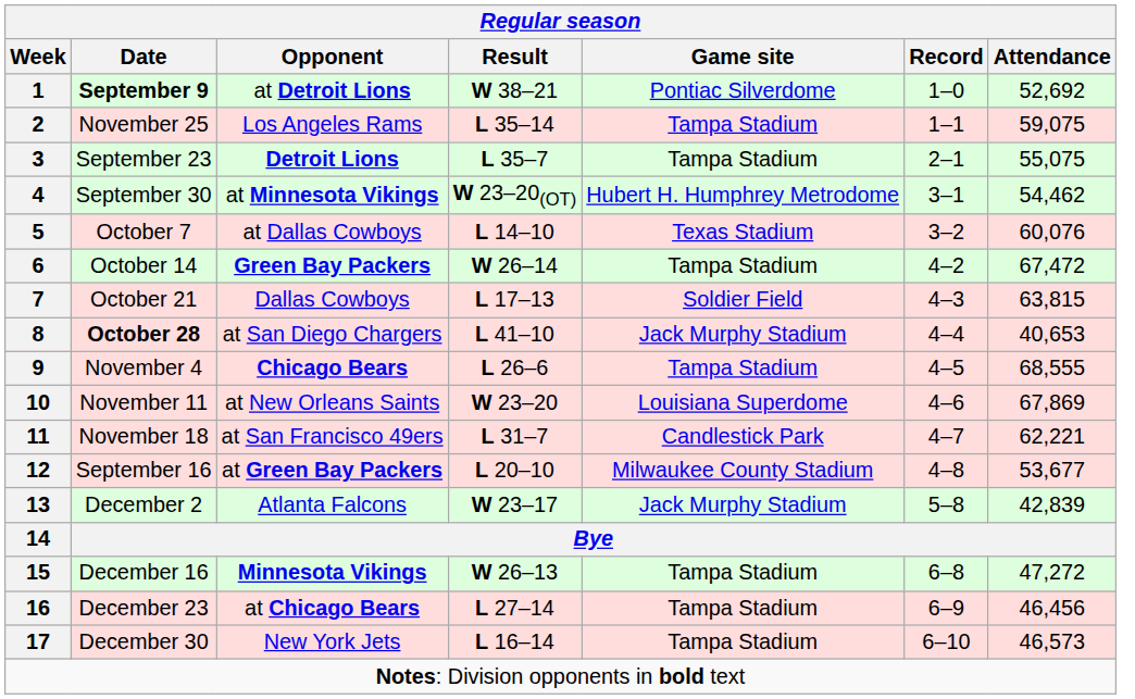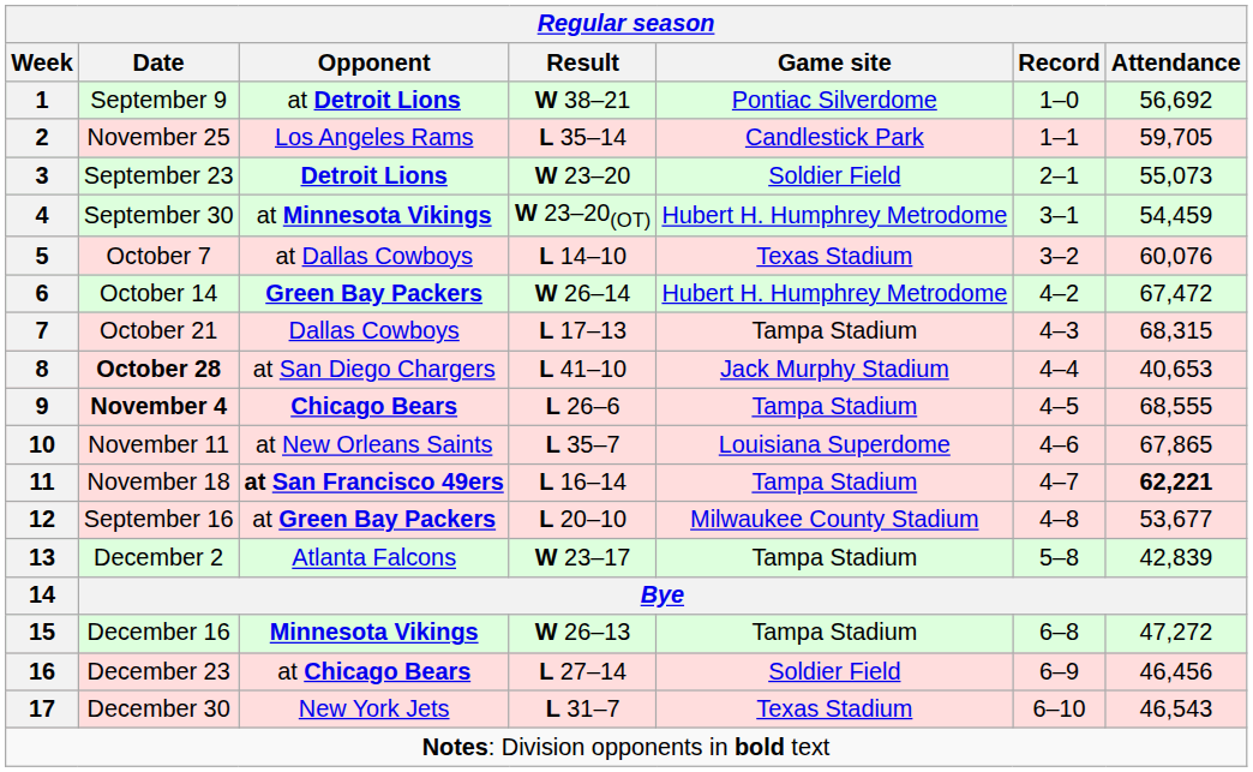 <table class="wikitable" style="text-align:center;">
 <tr>
 <th colspan="7"><em><a href='#'>Regular season</a></em></th>
 </tr>
 <tr>
 <th>Week</th>
 <th>Date</th>
 <th>Opponent</th>
 <th>Result</th>
 <th>Game site</th>
 <th>Record</th>
 <th>Attendance</th>
 </tr>
 <tr style="background: #ddffdd;">
 <th>1</th>
-<td><strong>September 9</strong></td>
+<td>September 9</td>
 <td>at <strong><a href='#'>Detroit Lions</a></strong></td>
 <td><strong>W</strong> 38–21</td>
 <td><a href='#'>Pontiac Silverdome</a></td>
 <td>1–0</td>
-<td>52,692</td>
+<td>56,692</td>
 </tr>
 <tr style="background: #ffdddd;">
 <th>2</th>
 <td>November 25</td>
 <td><a href='#'>Los Angeles Rams</a></td>
 <td><strong>L</strong> 35–14</td>
-<td><a href='#'>Tampa Stadium</a></td>
+<td><a href='#'>Candlestick Park</a></td>
 <td>1–1</td>
-<td>59,075</td>
+<td>59,705</td>
 </tr>
 <tr style="background: #ddffdd;">
 <th>3</th>
 <td>September 23</td>
 <td><strong><a href='#'>Detroit Lions</a></strong></td>
-<td><strong>L</strong> 35–7</td>
-<td>Tampa Stadium</td>
+<td><strong>W</strong> 23–20</td>
+<td><a href='#'>Soldier Field</a></td>
 <td>2–1</td>
-<td>55,075</td>
+<td>55,073</td>
 </tr>
 <tr style="background: #ddffdd;">
 <th>4</th>
 <td>September 30</td>
 <td>at <strong><a href='#'>Minnesota Vikings</a></strong></td>
 <td><strong>W</strong> 23–20<sub>(OT)</sub></td>
 <td><a href='#'>Hubert H. Humphrey Metrodome</a></td>
 <td>3–1</td>
-<td>54,462</td>
+<td>54,459</td>
 </tr>
 <tr style="background: #ffdddd;">
 <th>5</th>
 <td>October 7</td>
 <td>at <a href='#'>Dallas Cowboys</a></td>
 <td><strong>L</strong> 14–10</td>
 <td><a href='#'>Texas Stadium</a></td>
 <td>3–2</td>
 <td>60,076</td>
 </tr>
 <tr style="background: #ddffdd;">
 <th>6</th>
 <td>October 14</td>
 <td><strong><a href='#'>Green Bay Packers</a></strong></td>
 <td><strong>W</strong> 26–14</td>
-<td>Tampa Stadium</td>
+<td><a href='#'>Hubert H. Humphrey Metrodome</a></td>
 <td>4–2</td>
 <td>67,472</td>
 </tr>
 <tr style="background: #ffdddd;">
 <th>7</th>
 <td>October 21</td>
 <td><a href='#'>Dallas Cowboys</a></td>
 <td><strong>L</strong> 17–13</td>
-<td><a href='#'>Soldier Field</a></td>
+<td>Tampa Stadium</td>
 <td>4–3</td>
-<td>63,815</td>
+<td>68,315</td>
 </tr>
 <tr style="background: #ffdddd;">
 <th>8</th>
 <td><strong>October 28</strong></td>
 <td>at <a href='#'>San Diego Chargers</a></td>
 <td><strong>L</strong> 41–10</td>
 <td><a href='#'>Jack Murphy Stadium</a></td>
 <td>4–4</td>
 <td>40,653</td>
 </tr>
 <tr style="background: #ffdddd;">
 <th>9</th>
-<td>November 4</td>
+<td><strong>November 4</strong></td>
 <td><strong><a href='#'>Chicago Bears</a></strong></td>
 <td><strong>L</strong> 26–6</td>
 <td><a href='#'>Tampa Stadium</a></td>
 <td>4–5</td>
 <td>68,555</td>
 </tr>
 <tr style="background: #ffdddd;">
 <th>10</th>
 <td>November 11</td>
 <td>at <a href='#'>New Orleans Saints</a></td>
-<td><strong>W</strong> 23–20</td>
+<td><strong>L</strong> 35–7</td>
 <td><a href='#'>Louisiana Superdome</a></td>
 <td>4–6</td>
-<td>67,869</td>
+<td>67,865</td>
 </tr>
 <tr style="background: #ffdddd;">
 <th>11</th>
 <td>November 18</td>
-<td>at <a href='#'>San Francisco 49ers</a></td>
-<td><strong>L</strong> 31–7</td>
-<td><a href='#'>Candlestick Park</a></td>
+<td><strong>at <a href='#'>San Francisco 49ers</a></strong></td>
+<td><strong>L</strong> 16–14</td>
+<td><a href='#'>Tampa Stadium</a></td>
 <td>4–7</td>
-<td>62,221</td>
+<td><strong>62,221</strong></td>
 </tr>
 <tr style="background: #ffdddd;">
 <th>12</th>
 <td>September 16</td>
 <td>at <strong><a href='#'>Green Bay Packers</a></strong></td>
 <td><strong>L</strong> 20–10</td>
 <td><a href='#'>Milwaukee County Stadium</a></td>
 <td>4–8</td>
 <td>53,677</td>
 </tr>
 <tr style="background: #ddffdd;">
 <th>13</th>
 <td>December 2</td>
 <td><a href='#'>Atlanta Falcons</a></td>
 <td><strong>W</strong> 23–17</td>
-<td><a href='#'>Jack Murphy Stadium</a></td>
+<td>Tampa Stadium</td>
 <td>5–8</td>
 <td>42,839</td>
 </tr>
 <tr>
 <th>14</th>
 <th colspan="6"><em><a href='#'>Bye</a></em></th>
 </tr>
 <tr style="background: #ddffdd;">
 <th>15</th>
 <td>December 16</td>
 <td><strong><a href='#'>Minnesota Vikings</a></strong></td>
 <td><strong>W</strong> 26–13</td>
 <td>Tampa Stadium</td>
 <td>6–8</td>
 <td>47,272</td>
 </tr>
 <tr style="background: #ffdddd;">
 <th>16</th>
 <td>December 23</td>
 <td>at <strong><a href='#'>Chicago Bears</a></strong></td>
 <td><strong>L</strong> 27–14</td>
-<td>Tampa Stadium</td>
+<td><a href='#'>Soldier Field</a></td>
 <td>6–9</td>
 <td>46,456</td>
 </tr>
 <tr style="background: #ffdddd;">
 <th>17</th>
 <td>December 30</td>
 <td><a href='#'>New York Jets</a></td>
-<td><strong>L</strong> 16–14</td>
-<td>Tampa Stadium</td>
+<td><strong>L</strong> 31–7</td>
+<td><a href='#'>Texas Stadium</a></td>
 <td>6–10</td>
-<td>46,573</td>
+<td>46,543</td>
 </tr>
 <tr>
 <td colspan="7"><strong>Notes</strong>: Division opponents in <strong>bold</strong> text</td>
 </tr>
 </table>
